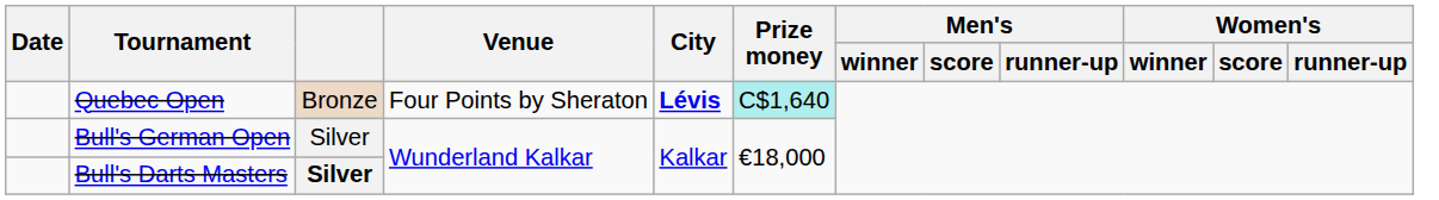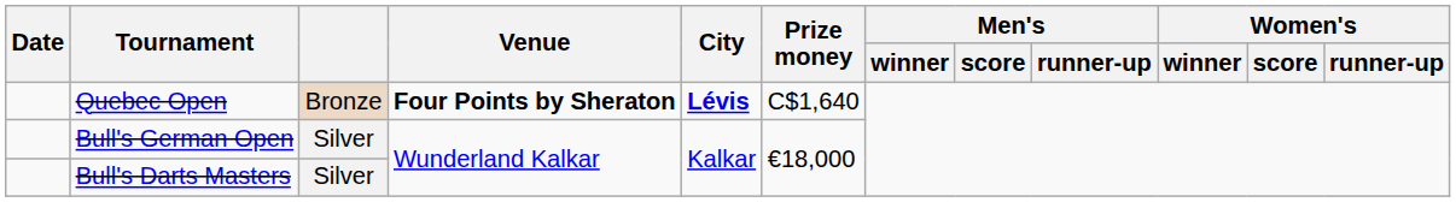 <table class="wikitable sortable" style="font-size: 85%">
 <tr>
 <th rowspan="2">Date</th>
 <th rowspan="2">Tournament</th>
 <th rowspan="2"></th>
 <th rowspan="2">Venue</th>
 <th rowspan="2">City</th>
 <th rowspan="2" class=unsortable>Prize<br>money</th>
 <th colspan="3">Men's</th>
 <th colspan="3">Women's</th>
 </tr>
 <tr>
 <th>winner</th>
 <th class=unsortable>score</th>
 <th>runner-up</th>
 <th>winner</th>
 <th class=unsortable>score</th>
 <th>runner-up</th>
 </tr>
 <tr>
 <td></td>
 <td><s><a href='#'>Quebec Open</a></s></td>
 <td bgcolor="ecd9c6" align="center">Bronze</td>
-<td>Four Points by Sheraton</td>
+<td><strong>Four Points by Sheraton</strong></td>
 <td><strong> <a href='#'>Lévis</a></strong></td>
-<td style="background: paleturquoise;">C$1,640</td>
+<td>C$1,640</td>
 </tr>
 <tr>
 <td></td>
 <td><s><a href='#'>Bull's German Open</a></s></td>
 <td bgcolor="f2f2f2" align="center">Silver</td>
 <td rowspan=2><a href='#'>Wunderland Kalkar</a></td>
 <td rowspan=2> <a href='#'>Kalkar</a></td>
 <td rowspan=2>€18,000</td>
 </tr>
 <tr>
 <td></td>
 <td><s><a href='#'>Bull's Darts Masters</a></s></td>
-<td bgcolor="f2f2f2" align="center"><strong>Silver</strong></td>
+<td bgcolor="f2f2f2" align="center">Silver</td>
 </tr>
 </table>
